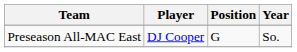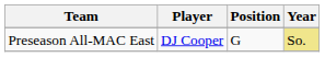 <table class="wikitable" border="1">
 <tr align=center>
 <th style= >Team</th>
 <th style= >Player</th>
 <th style= >Position</th>
 <th style= >Year</th>
 </tr>
 <tr align="center">
 </tr>
 <tr>
 <td>Preseason All-MAC East</td>
 <td><a href='#'>DJ Cooper</a></td>
 <td>G</td>
-<td>So.</td>
+<td style="background: khaki;">So.</td>
 </tr>
 <tr>
 </tr>
 <tr>
 </tr>
 </table>
